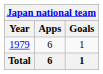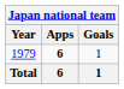 <table class="wikitable" style="text-align:center">
 <tr>
 <th colspan=3><a href='#'>Japan national team</a></th>
 </tr>
 <tr>
 <th>Year</th>
 <th>Apps</th>
 <th>Goals</th>
 </tr>
 <tr>
 <td><a href='#'>1979</a></td>
-<td>6</td>
+<td><strong>6</strong></td>
 <td>1</td>
 </tr>
 <tr>
 <th>Total</th>
 <th>6</th>
 <th>1</th>
 </tr>
 </table>
